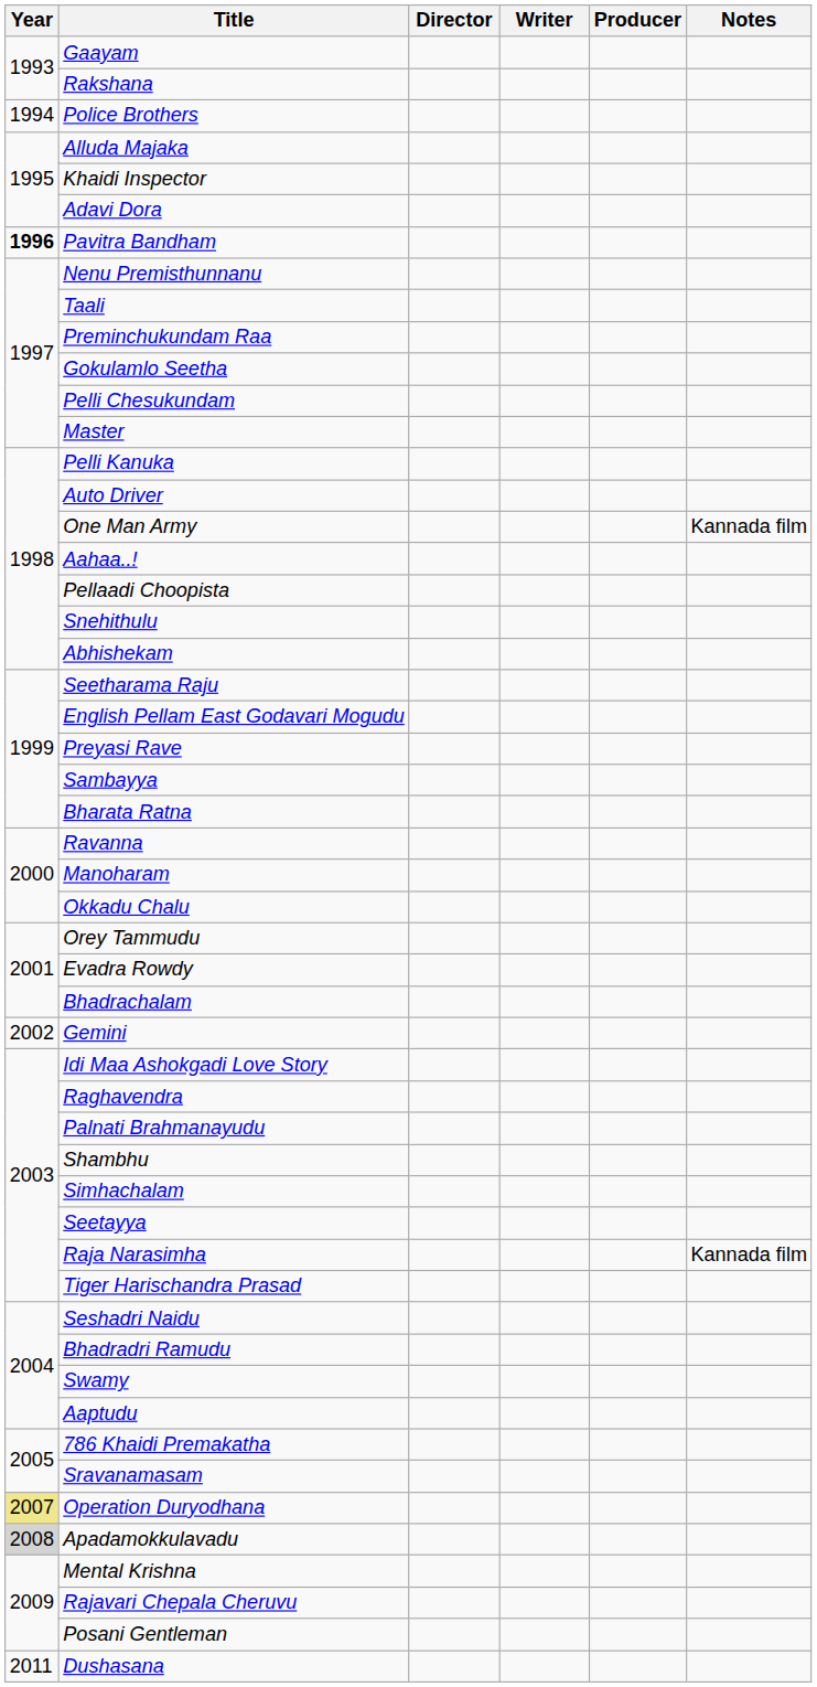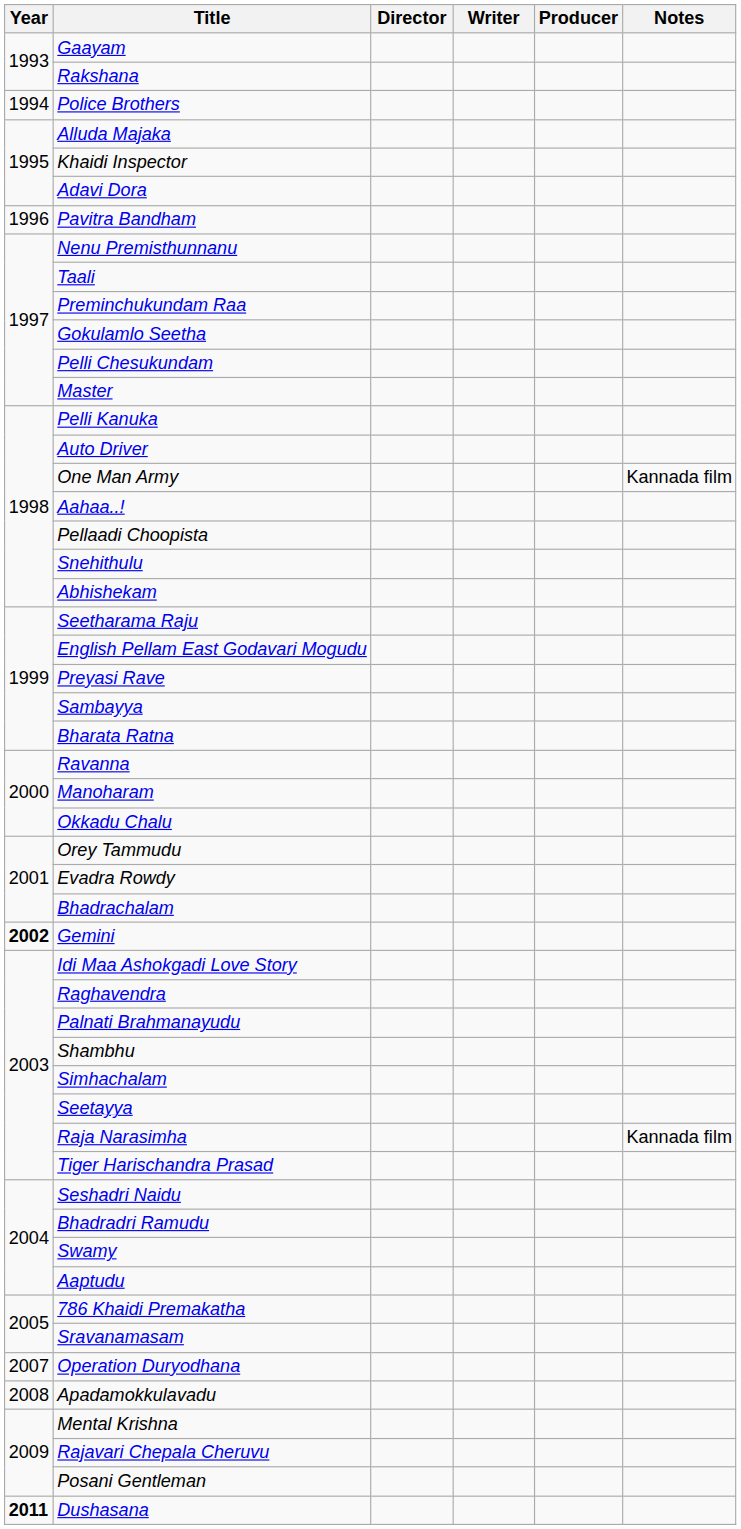 <table class="wikitable plainrowheaders sortable">
 <tr>
 <th scope="col">Year</th>
 <th scope="col">Title</th>
 <th scope="col" width=65>Director</th>
 <th scope="col" width=65>Writer</th>
 <th scope="col" width=65>Producer</th>
 <th scope="col" class="unsortable">Notes</th>
 </tr>
 <tr>
 <td rowspan="2">1993</td>
 <td><em><a href='#'>Gaayam</a></em></td>
 <td></td>
 <td></td>
 <td></td>
 <td></td>
 </tr>
 <tr>
 <td><em><a href='#'>Rakshana</a></em></td>
 <td></td>
 <td></td>
 <td></td>
 <td></td>
 </tr>
 <tr>
 <td>1994</td>
 <td><em><a href='#'>Police Brothers</a></em></td>
 <td></td>
 <td></td>
 <td></td>
 <td></td>
 </tr>
 <tr>
 <td rowspan="3">1995</td>
 <td><em><a href='#'>Alluda Majaka</a></em></td>
 <td></td>
 <td></td>
 <td></td>
 <td></td>
 </tr>
 <tr>
 <td><em>Khaidi Inspector</em></td>
 <td></td>
 <td></td>
 <td></td>
 <td></td>
 </tr>
 <tr>
 <td><em><a href='#'>Adavi Dora</a></em></td>
 <td></td>
 <td></td>
 <td></td>
 <td></td>
 </tr>
 <tr>
-<td><strong>1996</strong></td>
+<td>1996</td>
 <td><em><a href='#'>Pavitra Bandham</a></em></td>
 <td></td>
 <td></td>
 <td></td>
 <td></td>
 </tr>
 <tr>
 <td rowspan="6">1997</td>
 <td><em><a href='#'>Nenu Premisthunnanu</a></em></td>
 <td></td>
 <td></td>
 <td></td>
 <td></td>
 </tr>
 <tr>
 <td><em><a href='#'>Taali</a></em></td>
 <td></td>
 <td></td>
 <td></td>
 <td></td>
 </tr>
 <tr>
 <td><em><a href='#'>Preminchukundam Raa</a></em></td>
 <td></td>
 <td></td>
 <td></td>
 <td></td>
 </tr>
 <tr>
 <td><em><a href='#'>Gokulamlo Seetha</a></em></td>
 <td></td>
 <td></td>
 <td></td>
 <td></td>
 </tr>
 <tr>
 <td><em><a href='#'>Pelli Chesukundam</a></em></td>
 <td></td>
 <td></td>
 <td></td>
 <td></td>
 </tr>
 <tr>
 <td><a href='#'><em>Master</em></a></td>
 <td></td>
 <td></td>
 <td></td>
 <td></td>
 </tr>
 <tr>
 <td rowspan="7">1998</td>
 <td><a href='#'><em>Pelli Kanuka</em></a></td>
 <td></td>
 <td></td>
 <td></td>
 <td></td>
 </tr>
 <tr>
 <td><em><a href='#'>Auto Driver</a></em></td>
 <td></td>
 <td></td>
 <td></td>
 <td></td>
 </tr>
 <tr>
 <td><em>One Man Army</em></td>
 <td></td>
 <td></td>
 <td></td>
 <td>Kannada film</td>
 </tr>
 <tr>
 <td><em><a href='#'>Aahaa..!</a></em></td>
 <td></td>
 <td></td>
 <td></td>
 <td></td>
 </tr>
 <tr>
 <td><em>Pellaadi Choopista</em></td>
 <td></td>
 <td></td>
 <td></td>
 <td></td>
 </tr>
 <tr>
 <td><em><a href='#'>Snehithulu</a></em></td>
 <td></td>
 <td></td>
 <td></td>
 <td></td>
 </tr>
 <tr>
 <td><em><a href='#'>Abhishekam</a></em></td>
 <td></td>
 <td></td>
 <td></td>
 <td></td>
 </tr>
 <tr>
 <td rowspan="5">1999</td>
 <td><em><a href='#'>Seetharama Raju</a></em></td>
 <td></td>
 <td></td>
 <td></td>
 <td></td>
 </tr>
 <tr>
 <td><em><a href='#'>English Pellam East Godavari Mogudu</a></em></td>
 <td></td>
 <td></td>
 <td></td>
 <td></td>
 </tr>
 <tr>
 <td><em><a href='#'>Preyasi Rave</a></em></td>
 <td></td>
 <td></td>
 <td></td>
 <td></td>
 </tr>
 <tr>
 <td><a href='#'><em>Sambayya</em></a></td>
 <td></td>
 <td></td>
 <td></td>
 <td></td>
 </tr>
 <tr>
 <td><em><a href='#'>Bharata Ratna</a></em></td>
 <td></td>
 <td></td>
 <td></td>
 <td></td>
 </tr>
 <tr>
 <td rowspan="3">2000</td>
 <td><a href='#'><em>Ravanna</em></a></td>
 <td></td>
 <td></td>
 <td></td>
 <td></td>
 </tr>
 <tr>
 <td><a href='#'><em>Manoharam</em></a></td>
 <td></td>
 <td></td>
 <td></td>
 <td></td>
 </tr>
 <tr>
 <td><em><a href='#'>Okkadu Chalu</a></em></td>
 <td></td>
 <td></td>
 <td></td>
 <td></td>
 </tr>
 <tr>
 <td rowspan="3">2001</td>
 <td><em>Orey Tammudu</em></td>
 <td></td>
 <td></td>
 <td></td>
 <td></td>
 </tr>
 <tr>
 <td><em>Evadra Rowdy</em></td>
 <td></td>
 <td></td>
 <td></td>
 <td></td>
 </tr>
 <tr>
 <td><em><a href='#'>Bhadrachalam</a></em></td>
 <td></td>
 <td></td>
 <td></td>
 <td></td>
 </tr>
 <tr>
-<td>2002</td>
+<td><strong>2002</strong></td>
 <td><a href='#'><em>Gemini</em></a></td>
 <td></td>
 <td></td>
 <td></td>
 <td></td>
 </tr>
 <tr>
 <td rowspan="8">2003</td>
 <td><em><a href='#'>Idi Maa Ashokgadi Love Story</a></em></td>
 <td></td>
 <td></td>
 <td></td>
 <td></td>
 </tr>
 <tr>
 <td><a href='#'><em>Raghavendra</em></a></td>
 <td></td>
 <td></td>
 <td></td>
 <td></td>
 </tr>
 <tr>
 <td><em><a href='#'>Palnati Brahmanayudu</a></em></td>
 <td></td>
 <td></td>
 <td></td>
 <td></td>
 </tr>
 <tr>
 <td><em>Shambhu</em></td>
 <td></td>
 <td></td>
 <td></td>
 <td></td>
 </tr>
 <tr>
 <td><em><a href='#'>Simhachalam</a></em></td>
 <td></td>
 <td></td>
 <td></td>
 <td></td>
 </tr>
 <tr>
 <td><em><a href='#'>Seetayya</a></em></td>
 <td></td>
 <td></td>
 <td></td>
 <td></td>
 </tr>
 <tr>
 <td><em><a href='#'>Raja Narasimha</a></em></td>
 <td></td>
 <td></td>
 <td></td>
 <td>Kannada film</td>
 </tr>
 <tr>
 <td><em><a href='#'>Tiger Harischandra Prasad</a></em></td>
 <td></td>
 <td></td>
 <td></td>
 <td></td>
 </tr>
 <tr>
 <td rowspan="4">2004</td>
 <td><em><a href='#'>Seshadri Naidu</a></em></td>
 <td></td>
 <td></td>
 <td></td>
 <td></td>
 </tr>
 <tr>
 <td><em><a href='#'>Bhadradri Ramudu</a></em></td>
 <td></td>
 <td></td>
 <td></td>
 <td></td>
 </tr>
 <tr>
 <td><em><a href='#'>Swamy</a></em></td>
 <td></td>
 <td></td>
 <td></td>
 <td></td>
 </tr>
 <tr>
 <td><em><a href='#'>Aaptudu</a></em></td>
 <td></td>
 <td></td>
 <td></td>
 <td></td>
 </tr>
 <tr>
 <td rowspan="2">2005</td>
 <td><em><a href='#'>786 Khaidi Premakatha</a></em></td>
 <td></td>
 <td></td>
 <td></td>
 <td></td>
 </tr>
 <tr>
 <td><em><a href='#'>Sravanamasam</a></em></td>
 <td></td>
 <td></td>
 <td></td>
 <td></td>
 </tr>
 <tr>
-<td style="background: khaki;">2007</td>
+<td>2007</td>
 <td><em><a href='#'>Operation Duryodhana</a></em></td>
 <td></td>
 <td></td>
 <td></td>
 <td></td>
 </tr>
 <tr>
-<td style="background: lightgrey;">2008</td>
+<td>2008</td>
 <td><em>Apadamokkulavadu</em></td>
 <td></td>
 <td></td>
 <td></td>
 <td></td>
 </tr>
 <tr>
 <td rowspan="3">2009</td>
 <td><em>Mental Krishna</em></td>
 <td></td>
 <td></td>
 <td></td>
 <td></td>
 </tr>
 <tr>
 <td><em><a href='#'>Rajavari Chepala Cheruvu</a></em></td>
 <td></td>
 <td></td>
 <td></td>
 <td></td>
 </tr>
 <tr>
 <td><em>Posani Gentleman</em></td>
 <td></td>
 <td></td>
 <td></td>
 <td></td>
 </tr>
 <tr>
-<td>2011</td>
+<td><strong>2011</strong></td>
 <td><em><a href='#'>Dushasana</a></em></td>
 <td></td>
 <td></td>
 <td></td>
 <td></td>
 </tr>
 </table>
